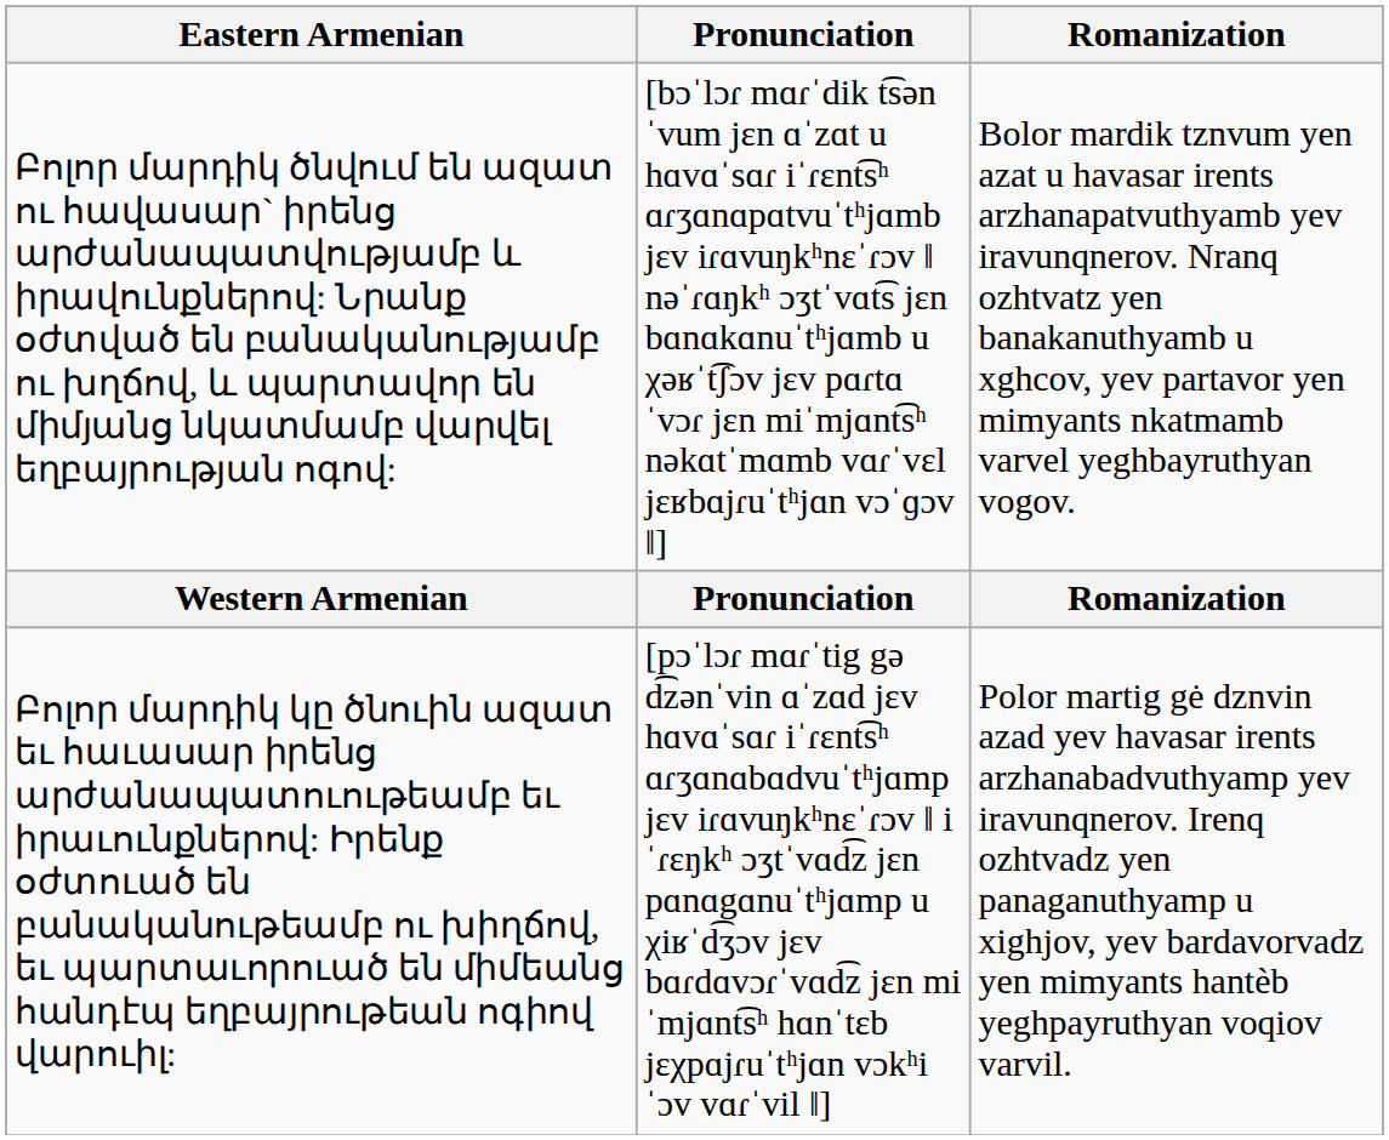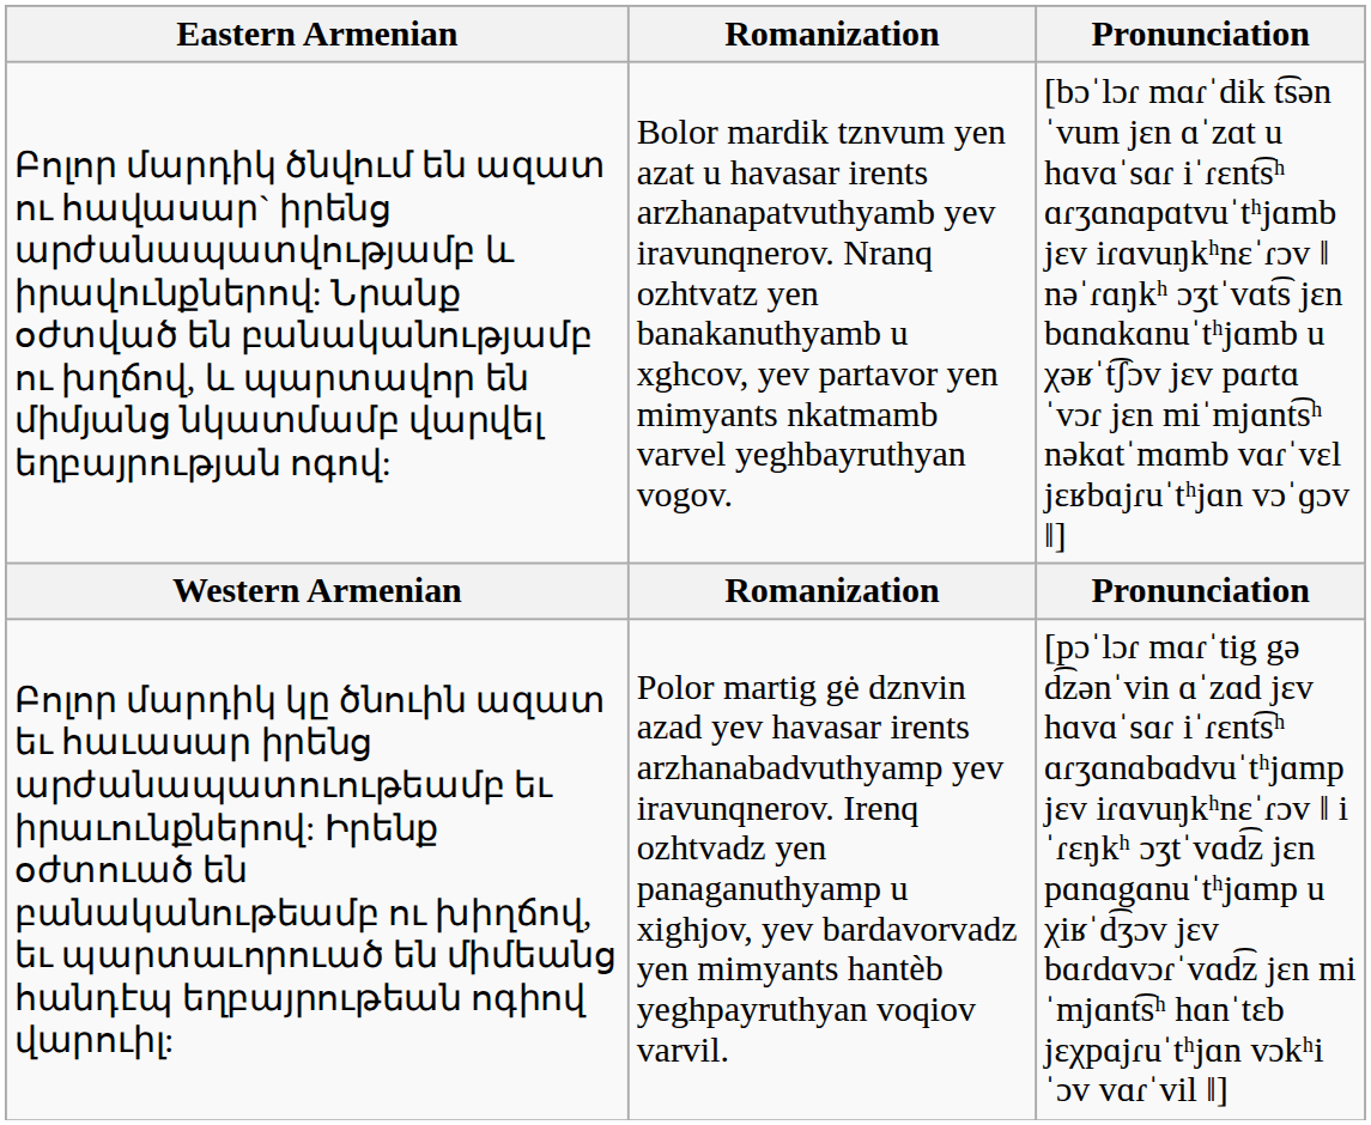 <table class="wikitable">
 <tr>
 <th>Eastern Armenian</th>
+<th>Romanization</th>
 <th>Pronunciation</th>
-<th>Romanization</th>
 </tr>
 <tr>
 <td>Բոլոր մարդիկ ծնվում են ազատ ու հավասար` իրենց արժանապատվությամբ և իրավունքներով: Նրանք օժտված են բանականությամբ ու խղճով, և պարտավոր են միմյանց նկատմամբ վարվել եղբայրության ոգով:</td>
+<td>Bolor mardik tznvum yen azat u havasar irents arzhanapatvuthyamb yev iravunqnerov. Nranq ozhtvatz yen banakanuthyamb u xghcov, yev partavor yen mimyants nkatmamb varvel yeghbayruthyan vogov.</td>
 <td>[bɔˈlɔɾ mɑɾˈdik t͡sənˈvum jɛn ɑˈzɑt u hɑvɑˈsɑɾ iˈɾɛnt͡sʰ ɑɾʒɑnɑpɑtvuˈtʰjɑmb jɛv iɾɑvuŋkʰnɛˈɾɔv ‖ nəˈɾɑŋkʰ ɔʒtˈvɑt͡s jɛn bɑnɑkɑnuˈtʰjɑmb u χəʁˈt͡ʃɔv jɛv pɑɾtɑˈvɔɾ jɛn miˈmjɑnt͡sʰ nəkɑtˈmɑmb vɑɾˈvɛl jɛʁbɑjɾuˈtʰjɑn vɔˈɡɔv ‖]</td>
-<td>Bolor mardik tznvum yen azat u havasar irents arzhanapatvuthyamb yev iravunqnerov. Nranq ozhtvatz yen banakanuthyamb u xghcov, yev partavor yen mimyants nkatmamb varvel yeghbayruthyan vogov.</td>
 </tr>
 <tr>
 <th>Western Armenian</th>
+<th>Romanization</th>
 <th>Pronunciation</th>
-<th>Romanization</th>
 </tr>
 <tr>
 <td>Բոլոր մարդիկ կը ծնուին ազատ եւ հաւասար իրենց արժանապատուութեամբ եւ իրաւունքներով: Իրենք օժտուած են բանականութեամբ ու խիղճով, եւ պարտաւորուած են միմեանց հանդէպ եղբայրութեան ոգիով վարուիլ:</td>
+<td>Polor martig gė dznvin azad yev havasar irents arzhanabadvuthyamp yev iravunqnerov. Irenq ozhtvadz yen panaganuthyamp u xighjov, yev bardavorvadz yen mimyants hantèb yeghpayruthyan voqiov varvil.</td>
 <td>[pɔˈlɔɾ mɑɾˈtig gə d͡zənˈvin ɑˈzɑd jɛv hɑvɑˈsɑɾ iˈɾɛnt͡sʰ ɑɾʒɑnɑbɑdvuˈtʰjɑmp jɛv iɾɑvuŋkʰnɛˈɾɔv ‖ iˈɾɛŋkʰ ɔʒtˈvɑd͡z jɛn pɑnɑgɑnuˈtʰjɑmp u χiʁˈd͡ʒɔv jɛv bɑɾdɑvɔɾˈvɑd͡z jɛn miˈmjɑnt͡sʰ hɑnˈtɛb jɛχpɑjɾuˈtʰjɑn vɔkʰiˈɔv vɑɾˈvil ‖]</td>
-<td>Polor martig gė dznvin azad yev havasar irents arzhanabadvuthyamp yev iravunqnerov. Irenq ozhtvadz yen panaganuthyamp u xighjov, yev bardavorvadz yen mimyants hantèb yeghpayruthyan voqiov varvil.</td>
 </tr>
 </table>
